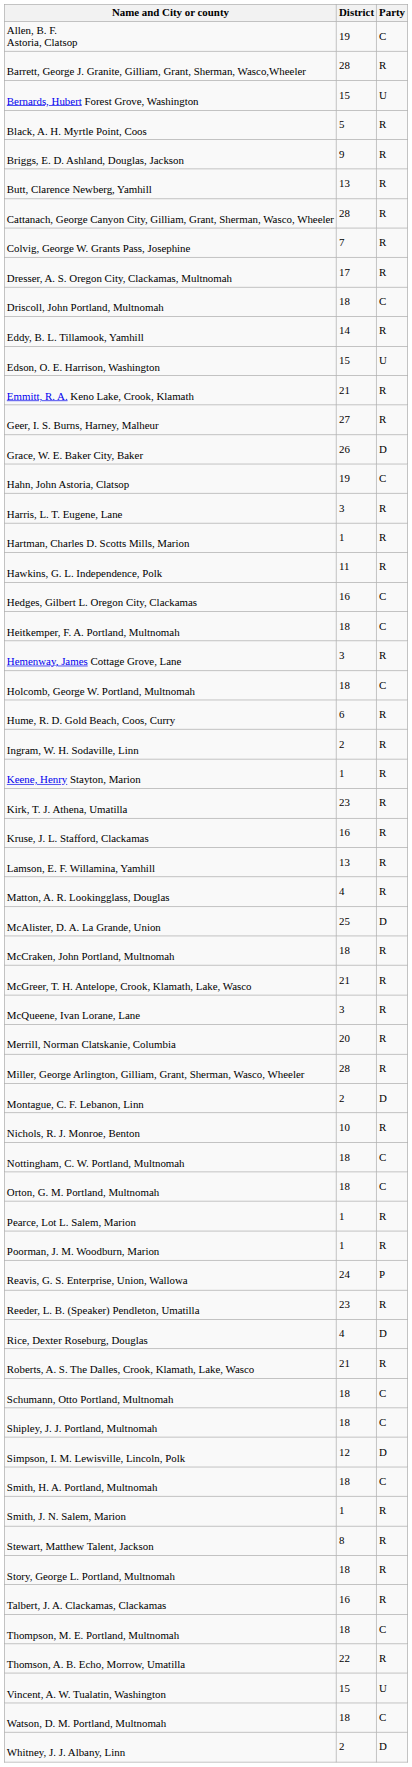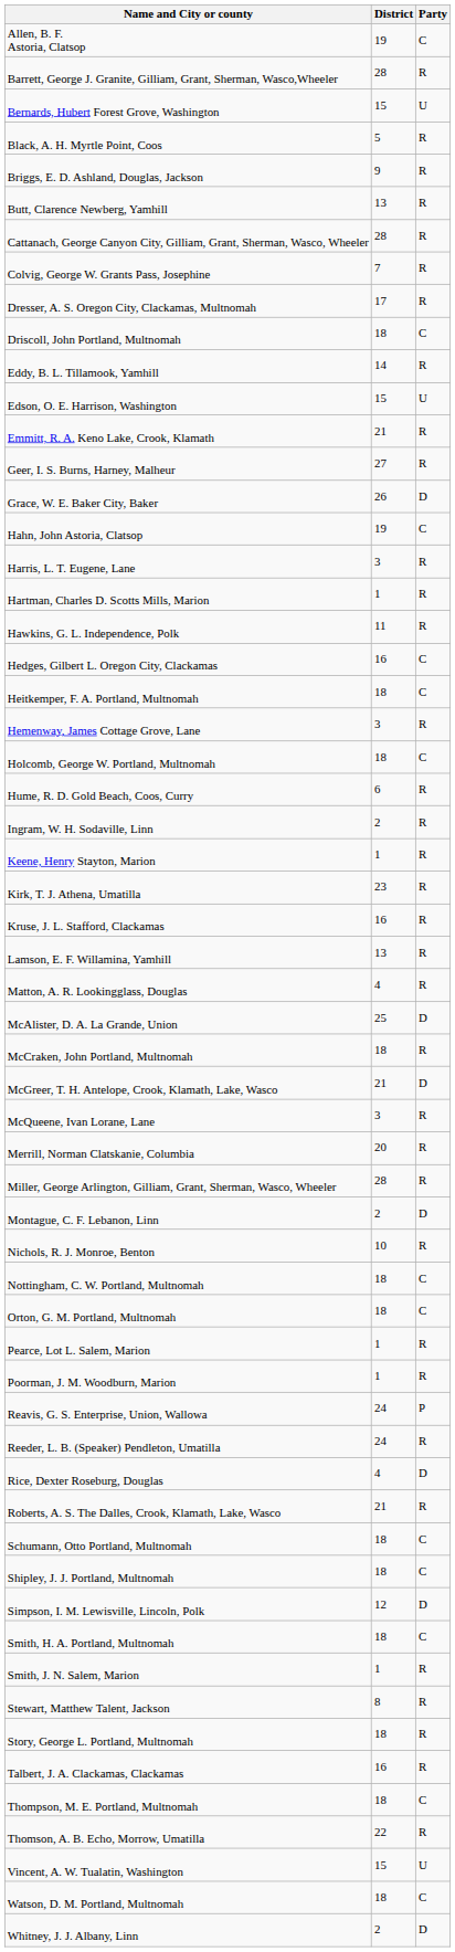 <table class="wikitable sortable">
 <tr>
 <th>Name and City or county</th>
 <th>District</th>
 <th>Party</th>
 </tr>
 <tr>
 <td>Allen, B. F.<br>Astoria, Clatsop</td>
 <td>19</td>
 <td>C</td>
 </tr>
 <tr>
 <td><br>Barrett, George J. Granite, Gilliam, Grant, Sherman, Wasco,Wheeler</td>
 <td>28</td>
 <td>R</td>
 </tr>
 <tr>
 <td><br><a href='#'>Bernards, Hubert</a> Forest Grove, Washington</td>
 <td>15</td>
 <td>U</td>
 </tr>
 <tr>
 <td><br>Black, A. H. Myrtle Point, Coos</td>
 <td>5</td>
 <td>R</td>
 </tr>
 <tr>
 <td><br>Briggs, E. D. Ashland, Douglas, Jackson</td>
 <td>9</td>
 <td>R</td>
 </tr>
 <tr>
 <td><br>Butt, Clarence Newberg, Yamhill</td>
 <td>13</td>
 <td>R</td>
 </tr>
 <tr>
 <td><br>Cattanach, George Canyon City, Gilliam, Grant, Sherman, Wasco, Wheeler</td>
 <td>28</td>
 <td>R</td>
 </tr>
 <tr>
 <td><br>Colvig, George W. Grants Pass, Josephine</td>
 <td>7</td>
 <td>R</td>
 </tr>
 <tr>
 <td><br>Dresser, A. S. Oregon City, Clackamas, Multnomah</td>
 <td>17</td>
 <td>R</td>
 </tr>
 <tr>
 <td><br>Driscoll, John Portland, Multnomah</td>
 <td>18</td>
 <td>C</td>
 </tr>
 <tr>
 <td><br>Eddy, B. L. Tillamook, Yamhill</td>
 <td>14</td>
 <td>R</td>
 </tr>
 <tr>
 <td><br>Edson, O. E. Harrison, Washington</td>
 <td>15</td>
 <td>U</td>
 </tr>
 <tr>
 <td><br><a href='#'>Emmitt, R. A.</a> Keno Lake, Crook, Klamath</td>
 <td>21</td>
 <td>R</td>
 </tr>
 <tr>
 <td><br>Geer, I. S. Burns, Harney, Malheur</td>
 <td>27</td>
 <td>R</td>
 </tr>
 <tr>
 <td><br>Grace, W. E. Baker City, Baker</td>
 <td>26</td>
 <td>D</td>
 </tr>
 <tr>
 <td><br>Hahn, John Astoria, Clatsop</td>
 <td>19</td>
 <td>C</td>
 </tr>
 <tr>
 <td><br>Harris, L. T. Eugene, Lane</td>
 <td>3</td>
 <td>R</td>
 </tr>
 <tr>
 <td><br>Hartman, Charles D. Scotts Mills, Marion</td>
 <td>1</td>
 <td>R</td>
 </tr>
 <tr>
 <td><br>Hawkins, G. L. Independence, Polk</td>
 <td>11</td>
 <td>R</td>
 </tr>
 <tr>
 <td><br>Hedges, Gilbert L. Oregon City, Clackamas</td>
 <td>16</td>
 <td>C</td>
 </tr>
 <tr>
 <td><br>Heitkemper, F. A. Portland, Multnomah</td>
 <td>18</td>
 <td>C</td>
 </tr>
 <tr>
 <td><br><a href='#'>Hemenway, James</a> Cottage Grove, Lane</td>
 <td>3</td>
 <td>R</td>
 </tr>
 <tr>
 <td><br>Holcomb, George W. Portland, Multnomah</td>
 <td>18</td>
 <td>C</td>
 </tr>
 <tr>
 <td><br>Hume, R. D. Gold Beach, Coos, Curry</td>
 <td>6</td>
 <td>R</td>
 </tr>
 <tr>
 <td><br>Ingram, W. H. Sodaville, Linn</td>
 <td>2</td>
 <td>R</td>
 </tr>
 <tr>
 <td><br><a href='#'>Keene, Henry</a> Stayton, Marion</td>
 <td>1</td>
 <td>R</td>
 </tr>
 <tr>
 <td><br>Kirk, T. J. Athena, Umatilla</td>
 <td>23</td>
 <td>R</td>
 </tr>
 <tr>
 <td><br>Kruse, J. L. Stafford, Clackamas</td>
 <td>16</td>
 <td>R</td>
 </tr>
 <tr>
 <td><br>Lamson, E. F. Willamina, Yamhill</td>
 <td>13</td>
 <td>R</td>
 </tr>
 <tr>
 <td><br>Matton, A. R. Lookingglass, Douglas</td>
 <td>4</td>
 <td>R</td>
 </tr>
 <tr>
 <td><br>McAlister, D. A. La Grande, Union</td>
 <td>25</td>
 <td>D</td>
 </tr>
 <tr>
 <td><br>McCraken, John Portland, Multnomah</td>
 <td>18</td>
 <td>R</td>
 </tr>
 <tr>
 <td><br>McGreer, T. H. Antelope, Crook, Klamath, Lake, Wasco</td>
 <td>21</td>
-<td>R</td>
+<td>D</td>
 </tr>
 <tr>
 <td><br>McQueene, Ivan Lorane, Lane</td>
 <td>3</td>
 <td>R</td>
 </tr>
 <tr>
 <td><br>Merrill, Norman Clatskanie, Columbia</td>
 <td>20</td>
 <td>R</td>
 </tr>
 <tr>
 <td><br>Miller, George Arlington, Gilliam, Grant, Sherman, Wasco, Wheeler</td>
 <td>28</td>
 <td>R</td>
 </tr>
 <tr>
 <td><br>Montague, C. F. Lebanon, Linn</td>
 <td>2</td>
 <td>D</td>
 </tr>
 <tr>
 <td><br>Nichols, R. J. Monroe, Benton</td>
 <td>10</td>
 <td>R</td>
 </tr>
 <tr>
 <td><br>Nottingham, C. W. Portland, Multnomah</td>
 <td>18</td>
 <td>C</td>
 </tr>
 <tr>
 <td><br>Orton, G. M. Portland, Multnomah</td>
 <td>18</td>
 <td>C</td>
 </tr>
 <tr>
 <td><br>Pearce, Lot L. Salem, Marion</td>
 <td>1</td>
 <td>R</td>
 </tr>
 <tr>
 <td><br>Poorman, J. M. Woodburn, Marion</td>
 <td>1</td>
 <td>R</td>
 </tr>
 <tr>
 <td><br>Reavis, G. S. Enterprise, Union, Wallowa</td>
 <td>24</td>
 <td>P</td>
 </tr>
 <tr>
 <td><br>Reeder, L. B. (Speaker) Pendleton, Umatilla</td>
-<td>23</td>
+<td>24</td>
 <td>R</td>
 </tr>
 <tr>
 <td><br>Rice, Dexter Roseburg, Douglas</td>
 <td>4</td>
 <td>D</td>
 </tr>
 <tr>
 <td><br>Roberts, A. S. The Dalles, Crook, Klamath, Lake, Wasco</td>
 <td>21</td>
 <td>R</td>
 </tr>
 <tr>
 <td><br>Schumann, Otto Portland, Multnomah</td>
 <td>18</td>
 <td>C</td>
 </tr>
 <tr>
 <td><br>Shipley, J. J. Portland, Multnomah</td>
 <td>18</td>
 <td>C</td>
 </tr>
 <tr>
 <td><br>Simpson, I. M. Lewisville, Lincoln, Polk</td>
 <td>12</td>
 <td>D</td>
 </tr>
 <tr>
 <td><br>Smith, H. A. Portland, Multnomah</td>
 <td>18</td>
 <td>C</td>
 </tr>
 <tr>
 <td><br>Smith, J. N. Salem, Marion</td>
 <td>1</td>
 <td>R</td>
 </tr>
 <tr>
 <td><br>Stewart, Matthew Talent, Jackson</td>
 <td>8</td>
 <td>R</td>
 </tr>
 <tr>
 <td><br>Story, George L. Portland, Multnomah</td>
 <td>18</td>
 <td>R</td>
 </tr>
 <tr>
 <td><br>Talbert, J. A. Clackamas, Clackamas</td>
 <td>16</td>
 <td>R</td>
 </tr>
 <tr>
 <td><br>Thompson, M. E. Portland, Multnomah</td>
 <td>18</td>
 <td>C</td>
 </tr>
 <tr>
 <td><br>Thomson, A. B. Echo, Morrow, Umatilla</td>
 <td>22</td>
 <td>R</td>
 </tr>
 <tr>
 <td><br>Vincent, A. W. Tualatin, Washington</td>
 <td>15</td>
 <td>U</td>
 </tr>
 <tr>
 <td><br>Watson, D. M. Portland, Multnomah</td>
 <td>18</td>
 <td>C</td>
 </tr>
 <tr>
 <td><br>Whitney, J. J. Albany, Linn</td>
 <td>2</td>
 <td>D</td>
 </tr>
 </table>
